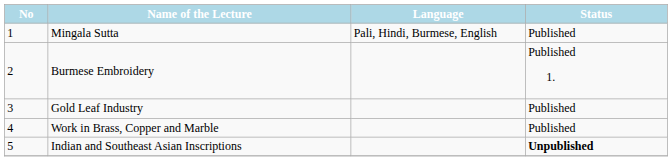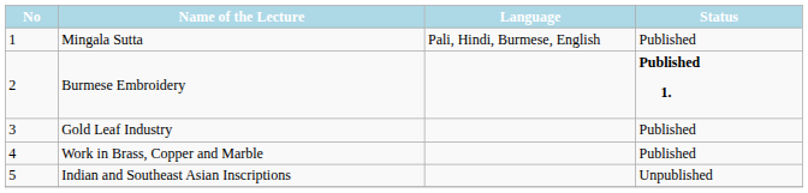 <table class="wikitable" width="70%">
 <tr style="background:lightblue; color:white" align=center>
 <td style="width:1%"><strong>No</strong></td>
 <td style="width:10%"><strong> Name of the Lecture</strong></td>
 <td style="width:5%"><strong>Language</strong></td>
 <td style="width:3%"><strong>Status</strong></td>
 </tr>
 <tr>
 <td>1</td>
 <td>Mingala Sutta</td>
 <td>Pali, Hindi, Burmese, English</td>
 <td>Published</td>
 </tr>
 <tr>
 <td>2</td>
 <td>Burmese Embroidery</td>
 <td></td>
-<td>Published<br><ol><li></li></ol></td>
+<td><strong>Published<br><ol><li></li></ol></strong></td>
 </tr>
 <tr>
 <td>3</td>
 <td>Gold Leaf Industry</td>
 <td></td>
 <td>Published</td>
 </tr>
 <tr>
 <td>4</td>
 <td>Work in Brass, Copper and Marble</td>
 <td></td>
 <td>Published</td>
 </tr>
 <tr>
 <td>5</td>
 <td>Indian and Southeast Asian Inscriptions</td>
 <td></td>
-<td><strong>Unpublished</strong></td>
+<td>Unpublished</td>
 </tr>
 <tr>
 </tr>
 </table>
